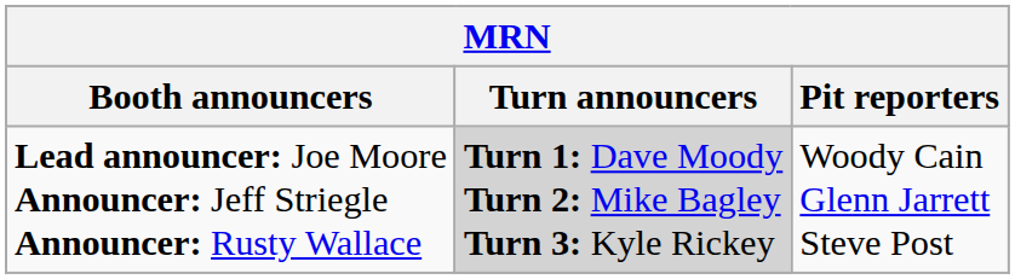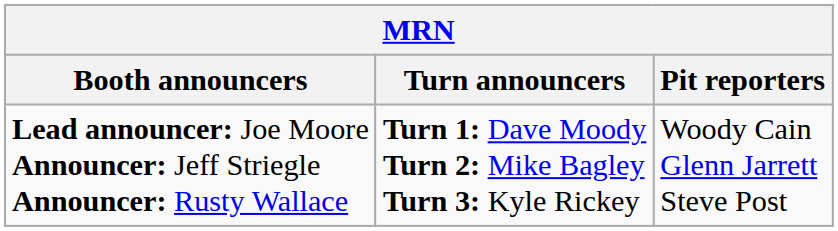 <table class="wikitable" style="font-size: 95%;">
 <tr>
 <th colspan="3"><a href='#'>MRN</a></th>
 </tr>
 <tr>
 <th>Booth announcers</th>
 <th>Turn announcers</th>
 <th>Pit reporters</th>
 </tr>
 <tr>
 <td><strong>Lead announcer:</strong> Joe Moore<br><strong>Announcer:</strong> Jeff Striegle<br><strong>Announcer:</strong> <a href='#'>Rusty Wallace</a></td>
-<td style="background: lightgrey;"><strong>Turn 1:</strong> <a href='#'>Dave Moody</a><br><strong>Turn 2:</strong> <a href='#'>Mike Bagley</a><br><strong>Turn 3:</strong> Kyle Rickey</td>
+<td><strong>Turn 1:</strong> <a href='#'>Dave Moody</a><br><strong>Turn 2:</strong> <a href='#'>Mike Bagley</a><br><strong>Turn 3:</strong> Kyle Rickey</td>
 <td>Woody Cain<br><a href='#'>Glenn Jarrett</a><br>Steve Post</td>
 </tr>
 </table>
